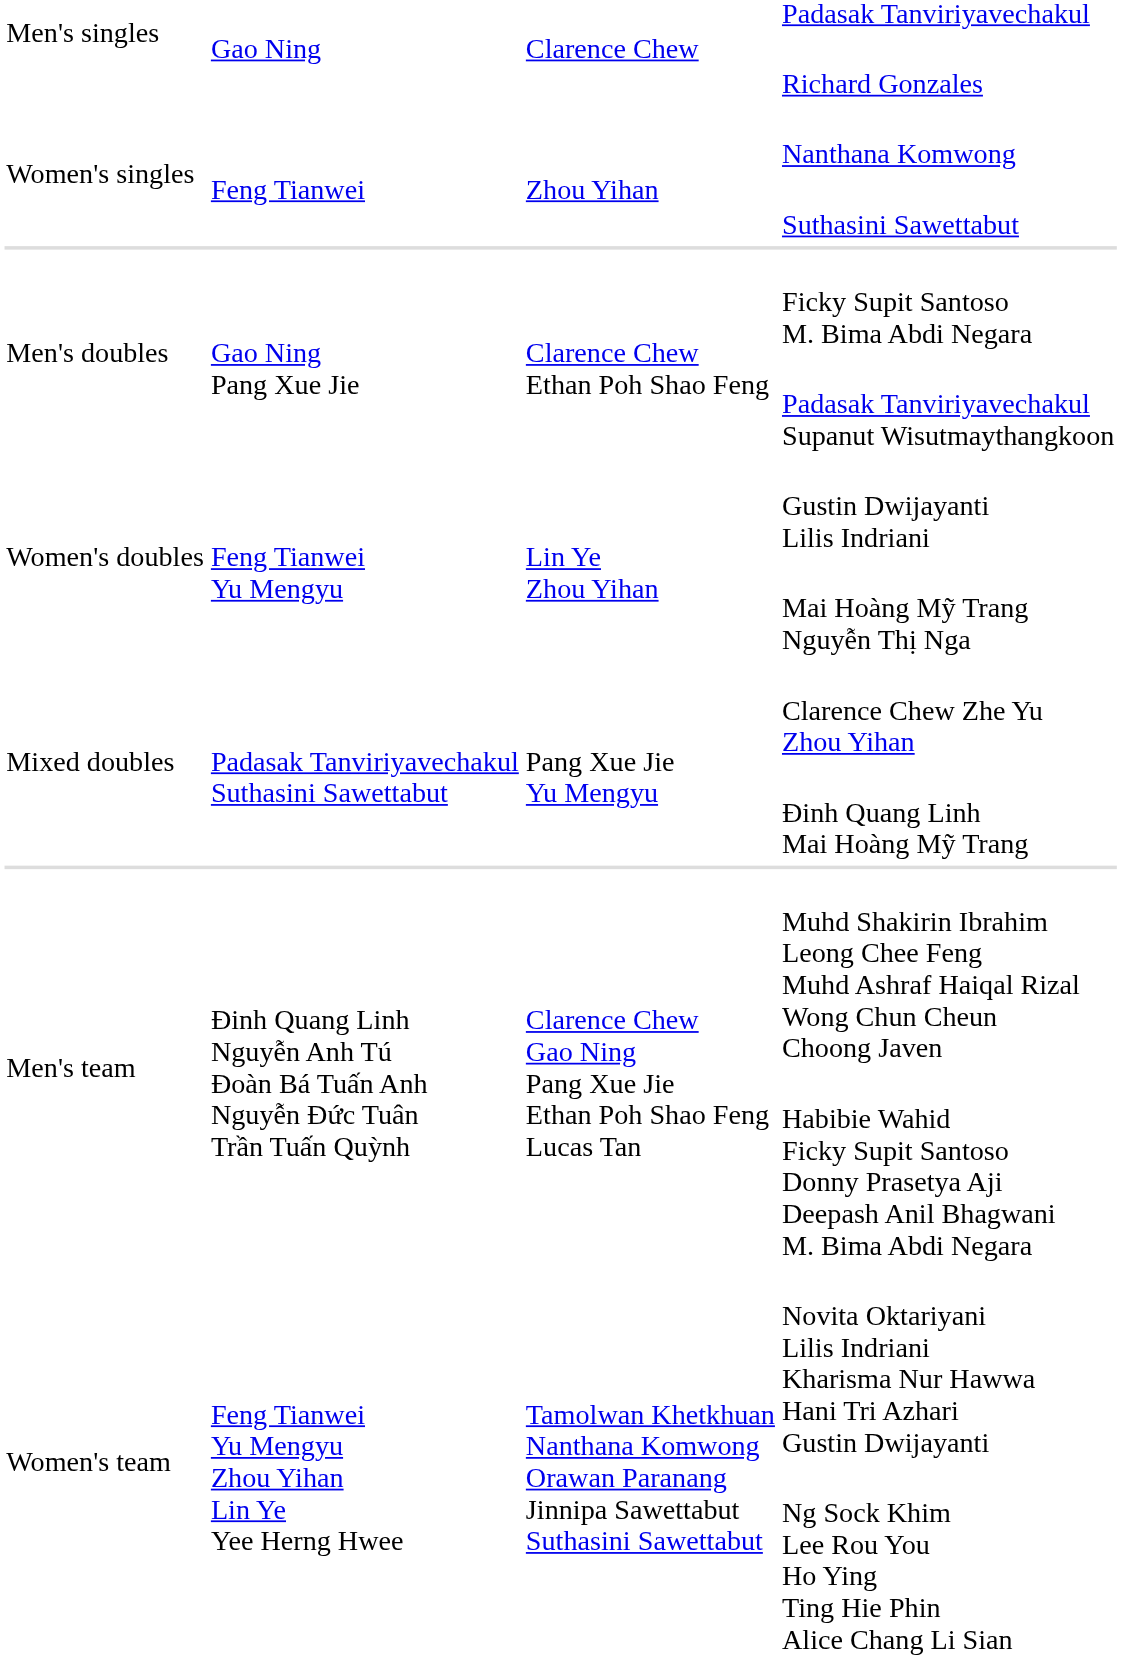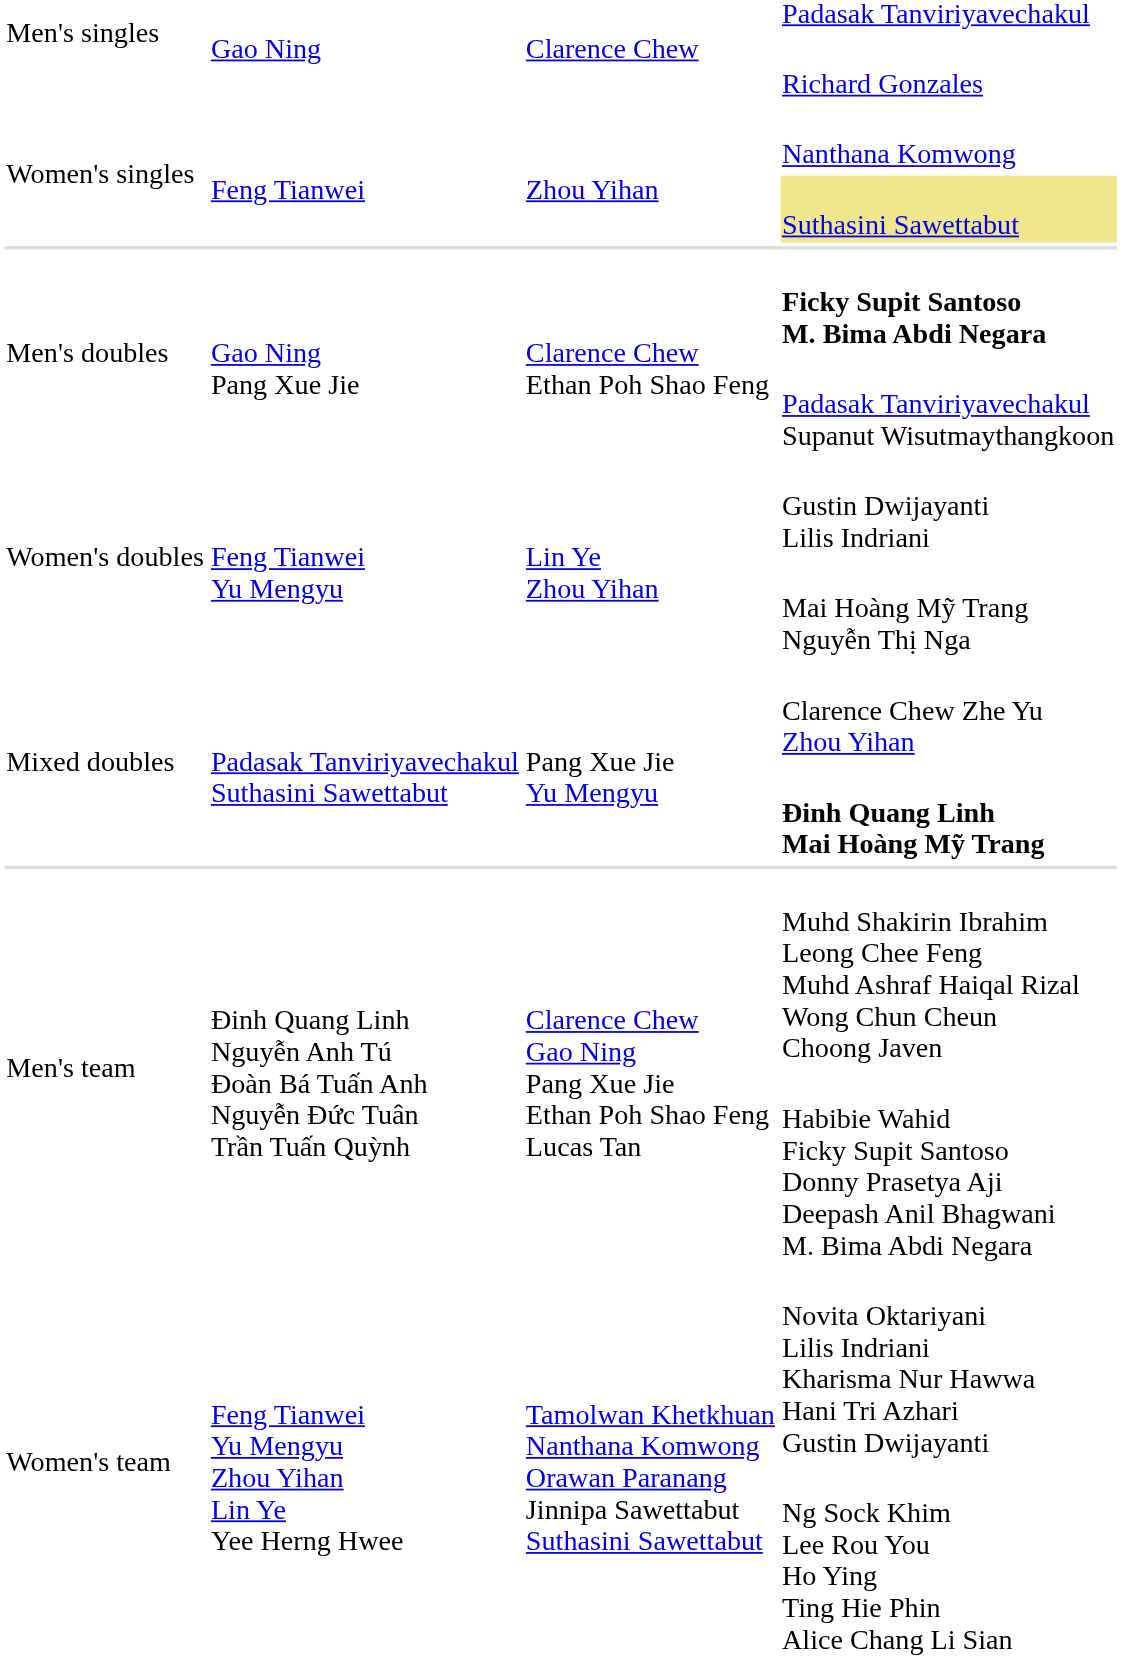 <table>
 <tr>
 <td rowspan=2>Men's singles<br></td>
 <td rowspan=2> <br> <a href='#'>Gao Ning</a></td>
 <td rowspan=2> <br> <a href='#'>Clarence Chew</a></td>
 <td> <br> <a href='#'>Padasak Tanviriyavechakul</a></td>
 </tr>
 <tr>
 <td> <br> <a href='#'>Richard Gonzales</a></td>
 </tr>
 <tr>
 <td rowspan=2>Women's singles<br></td>
 <td rowspan=2> <br> <a href='#'>Feng Tianwei</a></td>
 <td rowspan=2> <br> <a href='#'>Zhou Yihan</a></td>
 <td> <br> <a href='#'>Nanthana Komwong</a></td>
 </tr>
 <tr>
-<td> <br> <a href='#'>Suthasini Sawettabut</a></td>
+<td style="background: khaki;"> <br> <a href='#'>Suthasini Sawettabut</a></td>
 </tr>
 <tr style="background:#dddddd;">
 <td colspan=7></td>
 </tr>
 <tr>
 <td rowspan=2>Men's doubles<br></td>
 <td rowspan=2><br><a href='#'>Gao Ning</a><br>Pang Xue Jie</td>
 <td rowspan=2><br><a href='#'>Clarence Chew</a><br>Ethan Poh Shao Feng</td>
-<td><br>Ficky Supit Santoso<br>M. Bima Abdi Negara</td>
+<td><strong><br>Ficky Supit Santoso<br>M. Bima Abdi Negara</strong></td>
 </tr>
 <tr>
 <td nowrap><br><a href='#'>Padasak Tanviriyavechakul</a><br>Supanut Wisutmaythangkoon</td>
 </tr>
 <tr>
 <td rowspan=2>Women's doubles<br></td>
 <td rowspan=2><br><a href='#'>Feng Tianwei</a><br><a href='#'>Yu Mengyu</a></td>
 <td rowspan=2><br><a href='#'>Lin Ye</a><br><a href='#'>Zhou Yihan</a></td>
 <td><br>Gustin Dwijayanti<br>Lilis Indriani</td>
 </tr>
 <tr>
 <td><br>Mai Hoàng Mỹ Trang<br>Nguyễn Thị Nga</td>
 </tr>
 <tr>
 <td rowspan=2>Mixed doubles<br></td>
 <td rowspan=2 nowrap><br><a href='#'>Padasak Tanviriyavechakul</a><br><a href='#'>Suthasini Sawettabut</a></td>
 <td rowspan=2><br>Pang Xue Jie<br><a href='#'>Yu Mengyu</a></td>
 <td><br>Clarence Chew Zhe Yu<br><a href='#'>Zhou Yihan</a></td>
 </tr>
 <tr>
-<td><br> Đinh Quang Linh<br>Mai Hoàng Mỹ Trang</td>
+<td><strong><br> Đinh Quang Linh<br>Mai Hoàng Mỹ Trang</strong></td>
 </tr>
 <tr style="background:#dddddd;">
 <td colspan=7></td>
 </tr>
 <tr>
 <td rowspan=2>Men's team<br></td>
 <td rowspan=2><br>Đinh Quang Linh<br>Nguyễn Anh Tú<br>Đoàn Bá Tuấn Anh<br>Nguyễn Đức Tuân<br>Trần Tuấn Quỳnh</td>
 <td rowspan=2 nowrap><br><a href='#'>Clarence Chew</a><br><a href='#'>Gao Ning</a><br>Pang Xue Jie<br>Ethan Poh Shao Feng<br>Lucas Tan</td>
 <td><br>Muhd Shakirin Ibrahim<br>Leong Chee Feng<br>Muhd Ashraf Haiqal Rizal<br>Wong Chun Cheun<br>Choong Javen</td>
 </tr>
 <tr>
 <td><br>Habibie Wahid<br>Ficky Supit Santoso<br>Donny Prasetya Aji<br>Deepash Anil Bhagwani<br>M. Bima Abdi Negara</td>
 </tr>
 <tr>
 <td rowspan=2>Women's team<br></td>
 <td rowspan=2><br><a href='#'>Feng Tianwei</a><br><a href='#'>Yu Mengyu</a><br><a href='#'>Zhou Yihan</a><br><a href='#'>Lin Ye</a><br>Yee Herng Hwee</td>
 <td rowspan=2><br><a href='#'>Tamolwan Khetkhuan</a><br><a href='#'>Nanthana Komwong</a><br><a href='#'>Orawan Paranang</a><br>Jinnipa Sawettabut<br><a href='#'>Suthasini Sawettabut</a></td>
 <td><br>Novita Oktariyani<br>Lilis Indriani<br>Kharisma Nur Hawwa<br>Hani Tri Azhari<br>Gustin Dwijayanti</td>
 </tr>
 <tr>
 <td><br>Ng Sock Khim<br>Lee Rou You<br>Ho Ying<br>Ting Hie Phin<br>Alice Chang Li Sian</td>
 </tr>
 </table>
